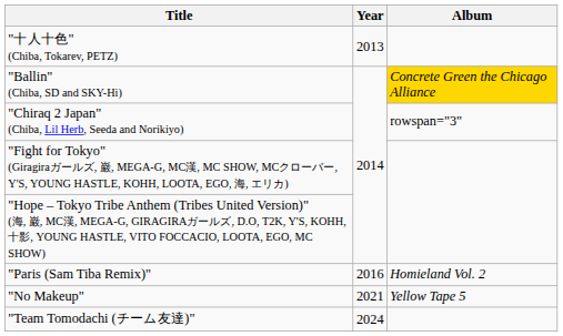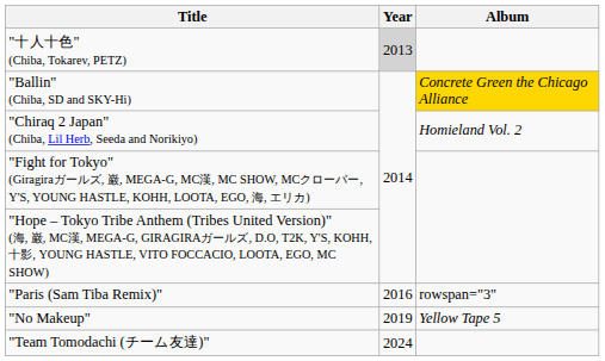 <table class="wikitable">
 <tr>
 <th scope="col" style="width:25em;">Title</th>
 <th>Year</th>
 <th scope="col" style="width:12em;">Album</th>
 </tr>
 <tr>
 <td>"十人十色"<br><small>(Chiba, Tokarev, PETZ)</small></td>
-<td>2013</td>
+<td style="background: lightgrey;">2013</td>
 <td></td>
 </tr>
 <tr>
 <td>"Ballin"<br><small>(Chiba, SD and SKY-Hi)</small></td>
 <td rowspan="4">2014</td>
 <td style="background: gold;"><em>Concrete Green the Chicago Alliance</em></td>
 </tr>
 <tr>
 <td>"Chiraq 2 Japan"<br><small>(Chiba, <a href='#'>Lil Herb</a>, Seeda and Norikiyo)</small></td>
-<td>rowspan="3" </td>
+<td><em>Homieland Vol. 2</em></td>
 </tr>
 <tr>
 <td>"Fight for Tokyo"<br><small>(Giragiraガールズ, 巌, MEGA-G, MC漢, MC SHOW, MCクローバー, Y'S, YOUNG HASTLE, KOHH, LOOTA, EGO, 海, エリカ)</small></td>
 </tr>
 <tr>
 <td>"Hope – Tokyo Tribe Anthem (Tribes United Version)"<br><small>(海, 巌, MC漢, MEGA-G, GIRAGIRAガールズ, D.O, T2K, Y'S, KOHH, 十影, YOUNG HASTLE, VITO FOCCACIO, LOOTA, EGO, MC SHOW)</small></td>
 </tr>
 <tr>
 <td>"Paris (Sam Tiba Remix)"</td>
 <td>2016</td>
-<td><em>Homieland Vol. 2</em></td>
+<td>rowspan="3" </td>
 </tr>
 <tr>
 <td>"No Makeup"</td>
-<td>2021</td>
+<td>2019</td>
 <td><em>Yellow Tape 5</em></td>
 </tr>
 <tr>
 <td>"Team Tomodachi (チーム友達)"</td>
 <td>2024</td>
 <td></td>
 </tr>
 </table>
